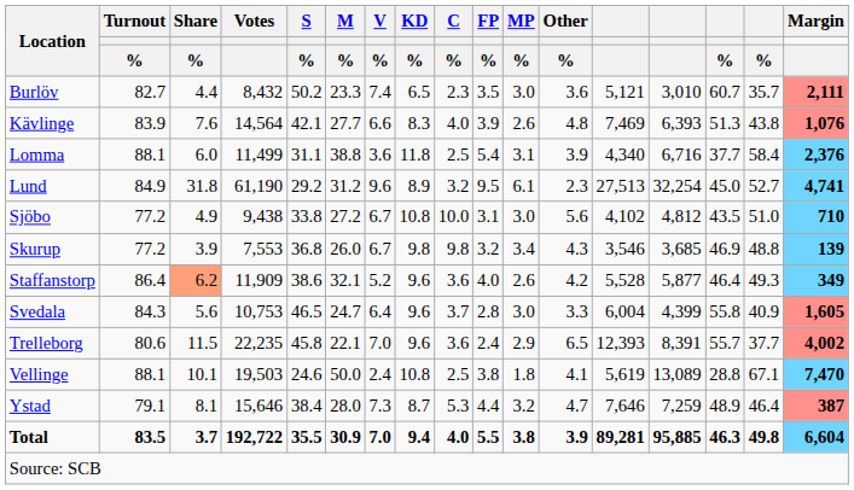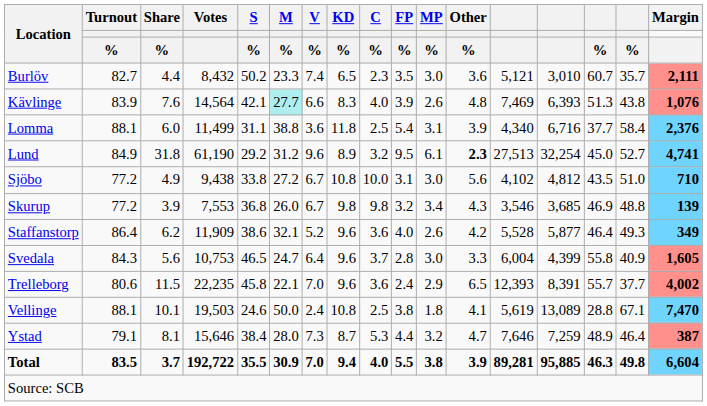 <table class="wikitable sortable" style="text-align:right; font-size:95%; line-height:20px;">
 <tr>
 <th rowspan="3">Location</th>
 <th>Turnout</th>
 <th>Share</th>
 <th>Votes</th>
 <th width="30px" class="unsortable"><a href='#'>S</a></th>
 <th width="30px" class="unsortable"><a href='#'>M</a></th>
 <th width="30px" class="unsortable"><a href='#'>V</a></th>
 <th width="30px" class="unsortable"><a href='#'>KD</a></th>
 <th width="30px" class="unsortable"><a href='#'>C</a></th>
 <th width="30px" class="unsortable"><a href='#'>FP</a></th>
 <th width="30px" class="unsortable"><a href='#'>MP</a></th>
 <th width="30px" class="unsortable">Other</th>
 <th></th>
 <th></th>
 <th></th>
 <th></th>
 <th>Margin</th>
 </tr>
 <tr>
 <th></th>
 <th></th>
 <th></th>
 <th style="background:"></th>
 <th style="background:"></th>
 <th style="background:"></th>
 <th style="background:"></th>
 <th style="background:"></th>
 <th style="background:"></th>
 <th style="background:"></th>
 <th style="background:"></th>
 <th style="background:"></th>
 <th style="background:"></th>
 <th style="background:"></th>
 <th style="background:"></th>
 </tr>
 <tr>
 <th data-sort-type="number">%</th>
 <th data-sort-type="number">%</th>
 <th></th>
 <th data-sort-type="number">%</th>
 <th data-sort-type="number">%</th>
 <th data-sort-type="number">%</th>
 <th data-sort-type="number">%</th>
 <th data-sort-type="number">%</th>
 <th data-sort-type="number">%</th>
 <th data-sort-type="number">%</th>
 <th data-sort-type="number">%</th>
 <th data-sort-type="number"></th>
 <th data-sort-type="number"></th>
 <th data-sort-type="number">%</th>
 <th data-sort-type="number">%</th>
 <th data-sort-type="number"></th>
 </tr>
 <tr>
 <td align=left><a href='#'>Burlöv</a></td>
 <td>82.7</td>
 <td>4.4</td>
 <td>8,432</td>
 <td>50.2</td>
 <td>23.3</td>
 <td>7.4</td>
 <td>6.5</td>
 <td>2.3</td>
 <td>3.5</td>
 <td>3.0</td>
 <td>3.6</td>
 <td>5,121</td>
 <td>3,010</td>
 <td>60.7</td>
 <td>35.7</td>
 <td bgcolor=#ff908c><strong>2,111</strong></td>
 </tr>
 <tr>
 <td align=left><a href='#'>Kävlinge</a></td>
 <td>83.9</td>
 <td>7.6</td>
 <td>14,564</td>
 <td>42.1</td>
-<td>27.7</td>
+<td style="background: paleturquoise;">27.7</td>
 <td>6.6</td>
 <td>8.3</td>
 <td>4.0</td>
 <td>3.9</td>
 <td>2.6</td>
 <td>4.8</td>
 <td>7,469</td>
 <td>6,393</td>
 <td>51.3</td>
 <td>43.8</td>
 <td bgcolor=#ff908c><strong>1,076</strong></td>
 </tr>
 <tr>
 <td align=left><a href='#'>Lomma</a></td>
 <td>88.1</td>
 <td>6.0</td>
 <td>11,499</td>
 <td>31.1</td>
 <td>38.8</td>
 <td>3.6</td>
 <td>11.8</td>
 <td>2.5</td>
 <td>5.4</td>
 <td>3.1</td>
 <td>3.9</td>
 <td>4,340</td>
 <td>6,716</td>
 <td>37.7</td>
 <td>58.4</td>
 <td bgcolor=#6fd5fe><strong>2,376</strong></td>
 </tr>
 <tr>
 <td align=left><a href='#'>Lund</a></td>
 <td>84.9</td>
 <td>31.8</td>
 <td>61,190</td>
 <td>29.2</td>
 <td>31.2</td>
 <td>9.6</td>
 <td>8.9</td>
 <td>3.2</td>
 <td>9.5</td>
 <td>6.1</td>
-<td>2.3</td>
+<td><strong>2.3</strong></td>
 <td>27,513</td>
 <td>32,254</td>
 <td>45.0</td>
 <td>52.7</td>
 <td bgcolor=#6fd5fe><strong>4,741</strong></td>
 </tr>
 <tr>
 <td align=left><a href='#'>Sjöbo</a></td>
 <td>77.2</td>
 <td>4.9</td>
 <td>9,438</td>
 <td>33.8</td>
 <td>27.2</td>
 <td>6.7</td>
 <td>10.8</td>
 <td>10.0</td>
 <td>3.1</td>
 <td>3.0</td>
 <td>5.6</td>
 <td>4,102</td>
 <td>4,812</td>
 <td>43.5</td>
 <td>51.0</td>
 <td bgcolor=#6fd5fe><strong>710</strong></td>
 </tr>
 <tr>
 <td align=left><a href='#'>Skurup</a></td>
 <td>77.2</td>
 <td>3.9</td>
 <td>7,553</td>
 <td>36.8</td>
 <td>26.0</td>
 <td>6.7</td>
 <td>9.8</td>
 <td>9.8</td>
 <td>3.2</td>
 <td>3.4</td>
 <td>4.3</td>
 <td>3,546</td>
 <td>3,685</td>
 <td>46.9</td>
 <td>48.8</td>
 <td bgcolor=#6fd5fe><strong>139</strong></td>
 </tr>
 <tr>
 <td align=left><a href='#'>Staffanstorp</a></td>
 <td>86.4</td>
-<td style="background: lightsalmon;">6.2</td>
+<td>6.2</td>
 <td>11,909</td>
 <td>38.6</td>
 <td>32.1</td>
 <td>5.2</td>
 <td>9.6</td>
 <td>3.6</td>
 <td>4.0</td>
 <td>2.6</td>
 <td>4.2</td>
 <td>5,528</td>
 <td>5,877</td>
 <td>46.4</td>
 <td>49.3</td>
 <td bgcolor=#6fd5fe><strong>349</strong></td>
 </tr>
 <tr>
 <td align=left><a href='#'>Svedala</a></td>
 <td>84.3</td>
 <td>5.6</td>
 <td>10,753</td>
 <td>46.5</td>
 <td>24.7</td>
 <td>6.4</td>
 <td>9.6</td>
 <td>3.7</td>
 <td>2.8</td>
 <td>3.0</td>
 <td>3.3</td>
 <td>6,004</td>
 <td>4,399</td>
 <td>55.8</td>
 <td>40.9</td>
 <td bgcolor=#ff908c><strong>1,605</strong></td>
 </tr>
 <tr>
 <td align=left><a href='#'>Trelleborg</a></td>
 <td>80.6</td>
 <td>11.5</td>
 <td>22,235</td>
 <td>45.8</td>
 <td>22.1</td>
 <td>7.0</td>
 <td>9.6</td>
 <td>3.6</td>
 <td>2.4</td>
 <td>2.9</td>
 <td>6.5</td>
 <td>12,393</td>
 <td>8,391</td>
 <td>55.7</td>
 <td>37.7</td>
 <td bgcolor=#ff908c><strong>4,002</strong></td>
 </tr>
 <tr>
 <td align=left><a href='#'>Vellinge</a></td>
 <td>88.1</td>
 <td>10.1</td>
 <td>19,503</td>
 <td>24.6</td>
 <td>50.0</td>
 <td>2.4</td>
 <td>10.8</td>
 <td>2.5</td>
 <td>3.8</td>
 <td>1.8</td>
 <td>4.1</td>
 <td>5,619</td>
 <td>13,089</td>
 <td>28.8</td>
 <td>67.1</td>
 <td bgcolor=#6fd5fe><strong>7,470</strong></td>
 </tr>
 <tr>
 <td align=left><a href='#'>Ystad</a></td>
 <td>79.1</td>
 <td>8.1</td>
 <td>15,646</td>
 <td>38.4</td>
 <td>28.0</td>
 <td>7.3</td>
 <td>8.7</td>
 <td>5.3</td>
 <td>4.4</td>
 <td>3.2</td>
 <td>4.7</td>
 <td>7,646</td>
 <td>7,259</td>
 <td>48.9</td>
 <td>46.4</td>
 <td bgcolor=#ff908c><strong>387</strong></td>
 </tr>
 <tr>
 <td align=left><strong>Total</strong></td>
 <td><strong>83.5</strong></td>
 <td><strong>3.7</strong></td>
 <td><strong>192,722</strong></td>
 <td><strong>35.5</strong></td>
 <td><strong>30.9</strong></td>
 <td><strong>7.0</strong></td>
 <td><strong>9.4</strong></td>
 <td><strong>4.0</strong></td>
 <td><strong>5.5</strong></td>
 <td><strong>3.8</strong></td>
 <td><strong>3.9</strong></td>
 <td><strong>89,281</strong></td>
 <td><strong>95,885</strong></td>
 <td><strong>46.3</strong></td>
 <td><strong>49.8</strong></td>
 <td bgcolor=#6fd5fe><strong>6,604</strong></td>
 </tr>
 <tr>
 <td align=left colspan=17>Source: SCB </td>
 </tr>
 </table>
